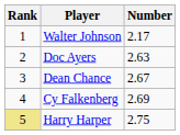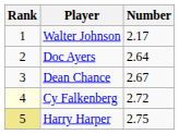 <table class="wikitable" style="font-size: 95%; text-align:left;">
 <tr>
 <th>Rank</th>
 <th>Player</th>
 <th>Number</th>
 </tr>
 <tr>
 <td align="center">1</td>
 <td><a href='#'>Walter Johnson</a></td>
 <td>2.17</td>
 </tr>
 <tr>
 <td align="center">2</td>
 <td><a href='#'>Doc Ayers</a></td>
-<td>2.63</td>
+<td>2.64</td>
 </tr>
 <tr>
 <td align="center">3</td>
 <td><a href='#'>Dean Chance</a></td>
 <td>2.67</td>
 </tr>
 <tr>
-<td align="center">4</td>
+<td align="center" style="background: lightyellow;">4</td>
 <td><a href='#'>Cy Falkenberg</a></td>
-<td>2.69</td>
+<td>2.72</td>
 </tr>
 <tr>
 <td align="center" style="background: khaki;">5</td>
 <td><a href='#'>Harry Harper</a></td>
 <td>2.75</td>
 </tr>
 </table>
